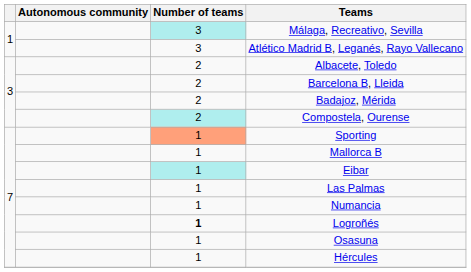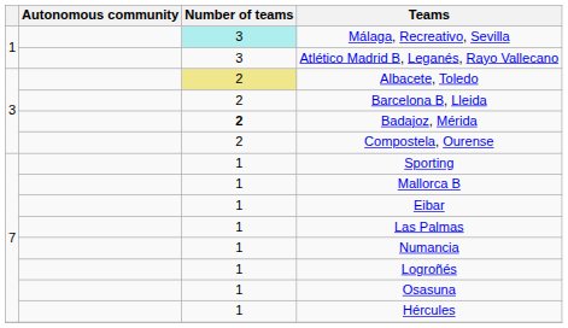 <table class="wikitable">
 <tr>
 <th></th>
 <th>Autonomous community</th>
 <th>Number of teams</th>
 <th>Teams</th>
 </tr>
 <tr>
 <td rowspan=2>1</td>
 <td></td>
 <td align=center style="background: paleturquoise;">3</td>
 <td align=center><a href='#'>Málaga</a>, <a href='#'>Recreativo</a>, <a href='#'>Sevilla</a></td>
 </tr>
 <tr>
 <td></td>
 <td align=center>3</td>
 <td align=center><a href='#'>Atlético Madrid B</a>, <a href='#'>Leganés</a>, <a href='#'>Rayo Vallecano</a></td>
 </tr>
 <tr>
 <td rowspan=4>3</td>
 <td></td>
-<td align=center>2</td>
+<td align=center style="background: khaki;">2</td>
 <td align=center><a href='#'>Albacete</a>, <a href='#'>Toledo</a></td>
 </tr>
 <tr>
 <td></td>
 <td align=center>2</td>
 <td align=center><a href='#'>Barcelona B</a>, <a href='#'>Lleida</a></td>
 </tr>
 <tr>
 <td></td>
-<td align=center>2</td>
+<td align=center><strong>2</strong></td>
 <td align=center><a href='#'>Badajoz</a>, <a href='#'>Mérida</a></td>
 </tr>
 <tr>
 <td></td>
-<td align=center style="background: paleturquoise;">2</td>
+<td align=center>2</td>
 <td align=center><a href='#'>Compostela</a>, <a href='#'>Ourense</a></td>
 </tr>
 <tr>
 <td rowspan=8>7</td>
 <td></td>
-<td align=center style="background: lightsalmon;">1</td>
+<td align=center>1</td>
 <td align=center><a href='#'>Sporting</a></td>
 </tr>
 <tr>
 <td></td>
 <td align=center>1</td>
 <td align=center><a href='#'>Mallorca B</a></td>
 </tr>
 <tr>
 <td></td>
-<td align=center style="background: paleturquoise;">1</td>
+<td align=center>1</td>
 <td align=center><a href='#'>Eibar</a></td>
 </tr>
 <tr>
 <td></td>
 <td align=center>1</td>
 <td align=center><a href='#'>Las Palmas</a></td>
 </tr>
 <tr>
 <td></td>
 <td align=center>1</td>
 <td align=center><a href='#'>Numancia</a></td>
 </tr>
 <tr>
 <td></td>
-<td align=center><strong>1</strong></td>
+<td align=center>1</td>
 <td align=center><a href='#'>Logroñés</a></td>
 </tr>
 <tr>
 <td></td>
 <td align=center>1</td>
 <td align=center><a href='#'>Osasuna</a></td>
 </tr>
 <tr>
 <td></td>
 <td align=center>1</td>
 <td align=center><a href='#'>Hércules</a></td>
 </tr>
 <tr>
 </tr>
 </table>
